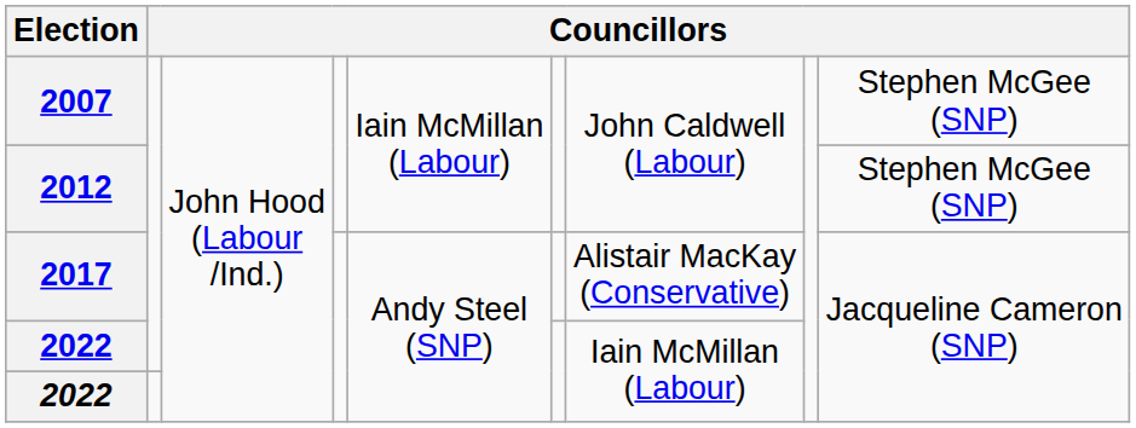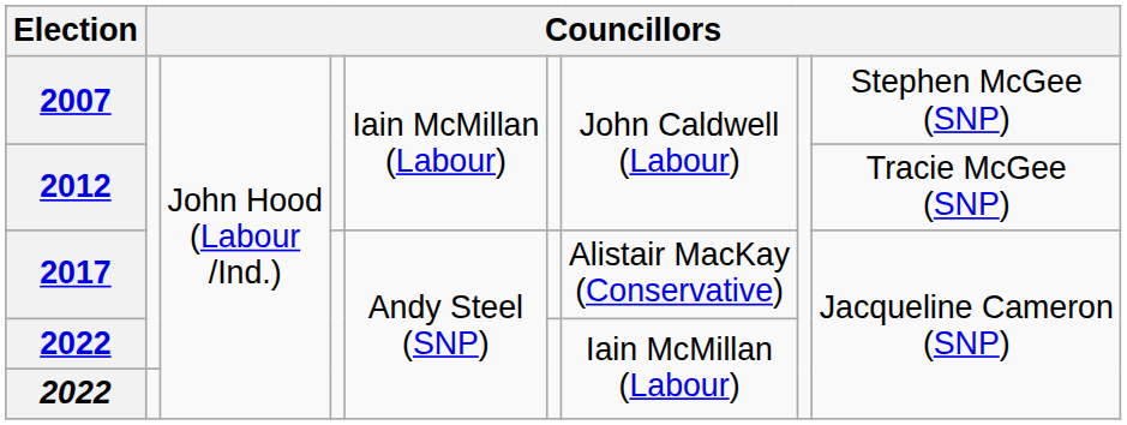 <table class="wikitable" style="text-align:center">
 <tr>
 <th>Election</th>
 <th colspan=8>Councillors</th>
 </tr>
 <tr>
 <th><a href='#'>2007</a></th>
 <td rowspan=4 style="color:inherit;background-color: "></td>
 <td rowspan=5>John Hood<br>(<a href='#'>Labour</a><br>/Ind.)</td>
 <td rowspan=2 style="color:inherit;background-color: "></td>
 <td rowspan=2>Iain McMillan<br>(<a href='#'>Labour</a>)</td>
 <td rowspan=2 style="color:inherit;background-color: "></td>
 <td rowspan=2>John Caldwell<br>(<a href='#'>Labour</a>)</td>
 <td rowspan=5 style="color:inherit;background-color: "></td>
 <td rowspan=1>Stephen McGee<br>(<a href='#'>SNP</a>)</td>
 </tr>
 <tr>
 <th><a href='#'>2012</a></th>
-<td rowspan=1>Stephen McGee<br>(<a href='#'>SNP</a>)</td>
+<td rowspan=1>Tracie McGee<br>(<a href='#'>SNP</a>)</td>
 </tr>
 <tr>
 <th><a href='#'>2017</a></th>
 <td rowspan=3 style="color:inherit;background-color: "></td>
 <td rowspan=3>Andy Steel<br>(<a href='#'>SNP</a>)</td>
 <td rowspan=1 style="color:inherit;background-color: "></td>
 <td rowspan=1>Alistair MacKay<br>(<a href='#'>Conservative</a>)</td>
 <td rowspan=3>Jacqueline Cameron<br>(<a href='#'>SNP</a>)</td>
 </tr>
 <tr>
 <th><a href='#'>2022</a></th>
 <td rowspan=2 style="color:inherit;background-color: "></td>
 <td rowspan=2>Iain McMillan<br>(<a href='#'>Labour</a>)</td>
 </tr>
 <tr>
 <th><em>2022</em></th>
 <td rowspan=1 style="color:inherit;background-color: "></td>
 </tr>
 </table>
